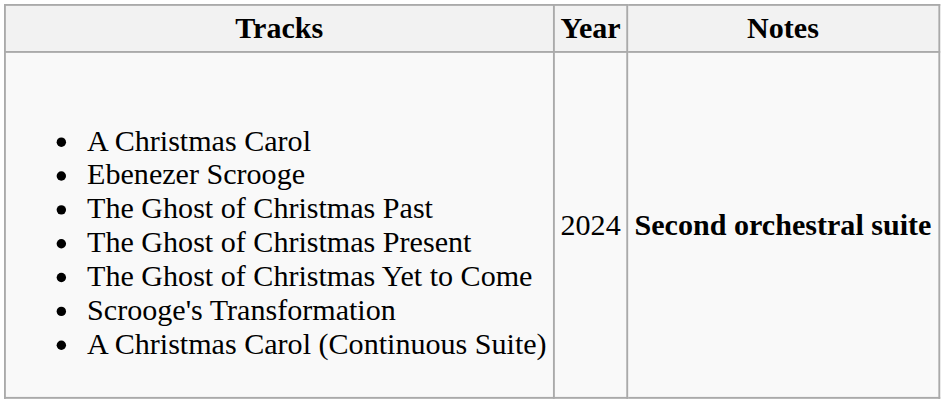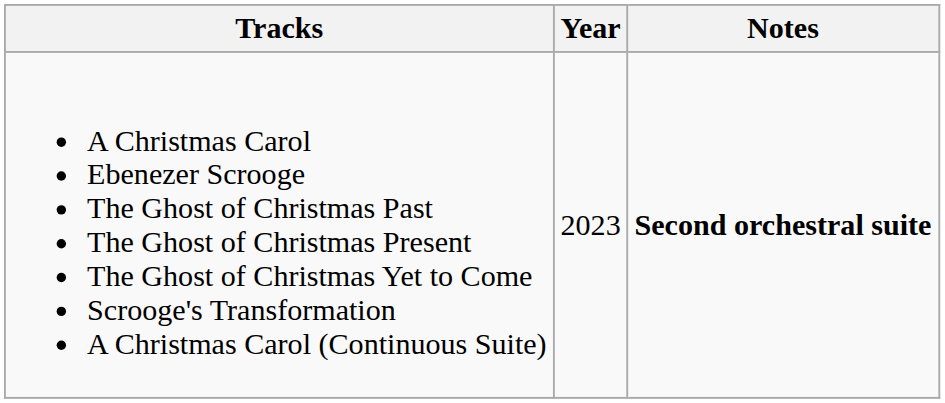 <table class="wikitable sortable">
 <tr>
 <th>Tracks</th>
 <th>Year</th>
 <th>Notes</th>
 </tr>
 <tr>
 <td><br><ul><li>A Christmas Carol</li><li>Ebenezer Scrooge</li><li>The Ghost of Christmas Past</li><li>The Ghost of Christmas Present</li><li>The Ghost of Christmas Yet to Come</li><li>Scrooge's Transformation</li><li>A Christmas Carol (Continuous Suite)</li></ul></td>
-<td>2024</td>
+<td>2023</td>
 <td><strong>Second orchestral suite</strong></td>
 </tr>
 </table>
